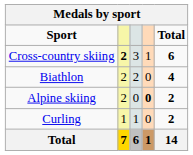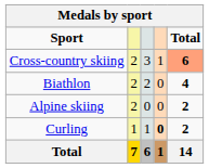 <table class="wikitable" style="font-size:85%;float:right">
 <tr style="background:#efefef;">
 <th colspan=5>Medals by sport</th>
 </tr>
 <tr align=center>
 <td><strong>Sport</strong></td>
 <td bgcolor=#f7f6a8></td>
 <td bgcolor=#dce5e5></td>
 <td bgcolor=#ffdab9></td>
 <td><strong>Total</strong></td>
 </tr>
 <tr align=center>
 <td><a href='#'>Cross-country skiing</a></td>
-<td style="background:#F7F6A8;"><strong>2</strong></td>
+<td style="background:#F7F6A8;">2</td>
 <td style="background:#DCE5E5;">3</td>
 <td style="background:#FFDAB9;">1</td>
-<td><strong>6</strong></td>
+<td style="background: lightsalmon;"><strong>6</strong></td>
 </tr>
 <tr align=center>
 <td><a href='#'>Biathlon</a></td>
 <td style="background:#F7F6A8;">2</td>
 <td style="background:#DCE5E5;">2</td>
 <td style="background:#FFDAB9;">0</td>
 <td><strong>4</strong></td>
 </tr>
 <tr align=center>
 <td><a href='#'>Alpine skiing</a></td>
 <td style="background:#F7F6A8;">2</td>
 <td style="background:#DCE5E5;">0</td>
-<td style="background:#FFDAB9;"><strong>0</strong></td>
+<td style="background:#FFDAB9;">0</td>
 <td><strong>2</strong></td>
 </tr>
 <tr align=center>
 <td><a href='#'>Curling</a></td>
 <td style="background:#F7F6A8;">1</td>
 <td style="background:#DCE5E5;">1</td>
-<td style="background:#FFDAB9;">0</td>
+<td style="background:#FFDAB9;"><strong>0</strong></td>
 <td><strong>2</strong></td>
 </tr>
 <tr align=center>
 <th>Total</th>
 <th style="background:gold;">7</th>
 <th style="background:silver;">6</th>
 <th style="background:#c96;">1</th>
 <th>14</th>
 </tr>
 </table>
